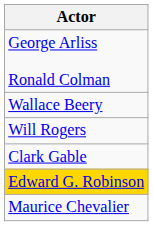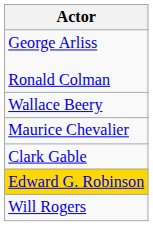 <table class="wikitable">
 <tr>
 <th>Actor</th>
 </tr>
 <tr>
 <td><a href='#'>George Arliss</a><br><br><a href='#'>Ronald Colman</a></td>
 </tr>
 <tr>
 <td><a href='#'>Wallace Beery</a></td>
 </tr>
 <tr>
-<td><a href='#'>Will Rogers</a></td>
+<td><a href='#'>Maurice Chevalier</a></td>
 </tr>
 <tr>
 <td><a href='#'>Clark Gable</a></td>
 </tr>
 <tr>
 <td style="background: gold;"><a href='#'>Edward G. Robinson</a></td>
 </tr>
 <tr>
-<td><a href='#'>Maurice Chevalier</a></td>
+<td><a href='#'>Will Rogers</a></td>
 </tr>
 </table>
